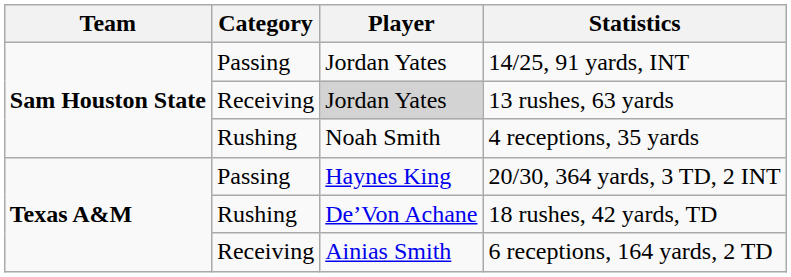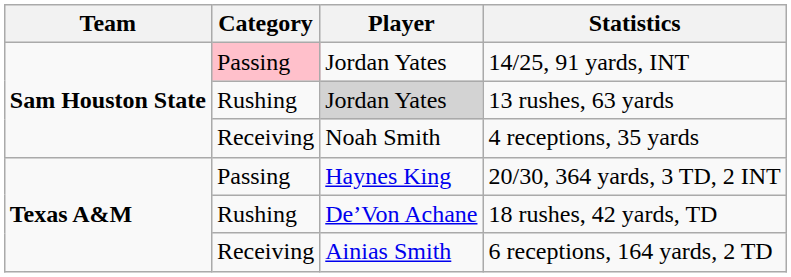 <table class="wikitable" style="float: right;">
 <tr>
 <th>Team</th>
 <th>Category</th>
 <th>Player</th>
 <th>Statistics</th>
 </tr>
 <tr>
 <td rowspan=3><strong>Sam Houston State</strong></td>
-<td>Passing</td>
+<td style="background: pink;">Passing</td>
 <td>Jordan Yates</td>
 <td>14/25, 91 yards, INT</td>
 </tr>
 <tr>
-<td>Receiving</td>
+<td>Rushing</td>
 <td style="background: lightgrey;">Jordan Yates</td>
 <td>13 rushes, 63 yards</td>
 </tr>
 <tr>
-<td>Rushing</td>
+<td>Receiving</td>
 <td>Noah Smith</td>
 <td>4 receptions, 35 yards</td>
 </tr>
 <tr>
 <td rowspan=3><strong>Texas A&M</strong></td>
 <td>Passing</td>
 <td><a href='#'>Haynes King</a></td>
 <td>20/30, 364 yards, 3 TD, 2 INT</td>
 </tr>
 <tr>
 <td>Rushing</td>
 <td><a href='#'>De’Von Achane</a></td>
 <td>18 rushes, 42 yards, TD</td>
 </tr>
 <tr>
 <td>Receiving</td>
 <td><a href='#'>Ainias Smith</a></td>
 <td>6 receptions, 164 yards, 2 TD</td>
 </tr>
 </table>
